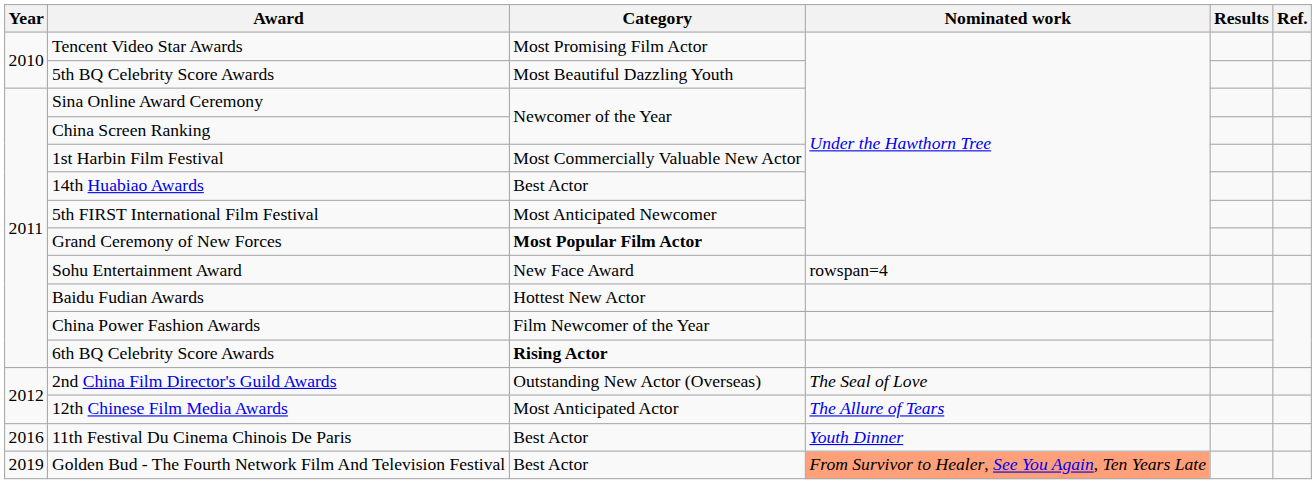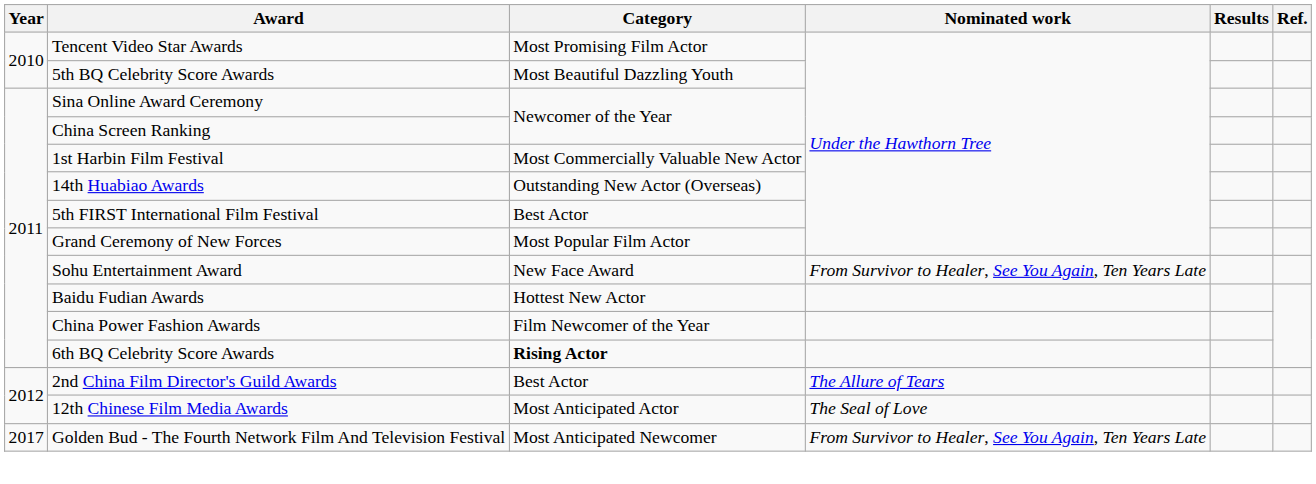 <table class="wikitable">
 <tr>
 <th>Year</th>
 <th>Award</th>
 <th>Category</th>
 <th>Nominated work</th>
 <th>Results</th>
 <th>Ref.</th>
 </tr>
 <tr>
 <td rowspan=2>2010</td>
 <td>Tencent Video Star Awards</td>
 <td>Most Promising Film Actor</td>
 <td rowspan=8><em><a href='#'>Under the Hawthorn Tree</a></em></td>
 <td></td>
 <td></td>
 </tr>
 <tr>
 <td>5th BQ Celebrity Score Awards</td>
 <td>Most Beautiful Dazzling Youth</td>
 <td></td>
 <td></td>
 </tr>
 <tr>
 <td rowspan=10>2011</td>
 <td>Sina Online Award Ceremony</td>
 <td rowspan=2>Newcomer of the Year</td>
 <td></td>
 <td></td>
 </tr>
 <tr>
 <td>China Screen Ranking</td>
 <td></td>
 <td></td>
 </tr>
 <tr>
 <td>1st Harbin Film Festival</td>
 <td>Most Commercially Valuable New Actor</td>
 <td></td>
 <td></td>
 </tr>
 <tr>
 <td>14th <a href='#'>Huabiao Awards</a></td>
+<td>Outstanding New Actor (Overseas)</td>
+<td></td>
+<td></td>
+</tr>
+<tr>
+<td>5th FIRST International Film Festival</td>
 <td>Best Actor</td>
 <td></td>
 <td></td>
 </tr>
 <tr>
-<td>5th FIRST International Film Festival</td>
-<td>Most Anticipated Newcomer</td>
-<td></td>
-<td></td>
-</tr>
-<tr>
 <td>Grand Ceremony of New Forces</td>
-<td><strong>Most Popular Film Actor</strong></td>
+<td>Most Popular Film Actor</td>
 <td></td>
 <td></td>
 </tr>
 <tr>
 <td>Sohu Entertainment Award</td>
 <td>New Face Award</td>
-<td>rowspan=4 </td>
+<td><em>From Survivor to Healer</em>, <em><a href='#'>See You Again</a></em>, <em>Ten Years Late</em></td>
 <td></td>
 <td></td>
 </tr>
 <tr>
 <td>Baidu Fudian Awards</td>
 <td>Hottest New Actor</td>
 <td></td>
 <td></td>
 </tr>
 <tr>
 <td>China Power Fashion Awards</td>
 <td>Film Newcomer of the Year</td>
 <td></td>
 <td></td>
 </tr>
 <tr>
 <td>6th BQ Celebrity Score Awards</td>
 <td><strong>Rising Actor</strong></td>
 <td></td>
 <td></td>
 </tr>
 <tr>
 <td rowspan=2>2012</td>
 <td>2nd <a href='#'>China Film Director's Guild Awards</a></td>
-<td>Outstanding New Actor (Overseas)</td>
-<td><em>The Seal of Love</em></td>
+<td>Best Actor</td>
+<td><em><a href='#'>The Allure of Tears</a></em></td>
 <td></td>
 <td></td>
 </tr>
 <tr>
 <td>12th <a href='#'>Chinese Film Media Awards</a></td>
 <td>Most Anticipated Actor</td>
-<td><em><a href='#'>The Allure of Tears</a></em></td>
+<td><em>The Seal of Love</em></td>
 <td></td>
 <td></td>
 </tr>
 <tr>
-<td>2016</td>
-<td>11th Festival Du Cinema Chinois De Paris</td>
-<td>Best Actor</td>
-<td><em><a href='#'>Youth Dinner</a></em></td>
-<td></td>
-<td></td>
-</tr>
-<tr>
-<td>2019</td>
+<td>2017</td>
 <td>Golden Bud - The Fourth Network Film And Television Festival</td>
-<td>Best Actor</td>
-<td style="background: lightsalmon;"><em>From Survivor to Healer</em>, <em><a href='#'>See You Again</a></em>, <em>Ten Years Late</em></td>
+<td>Most Anticipated Newcomer</td>
+<td><em>From Survivor to Healer</em>, <em><a href='#'>See You Again</a></em>, <em>Ten Years Late</em></td>
 <td></td>
 <td></td>
 </tr>
 </table>
